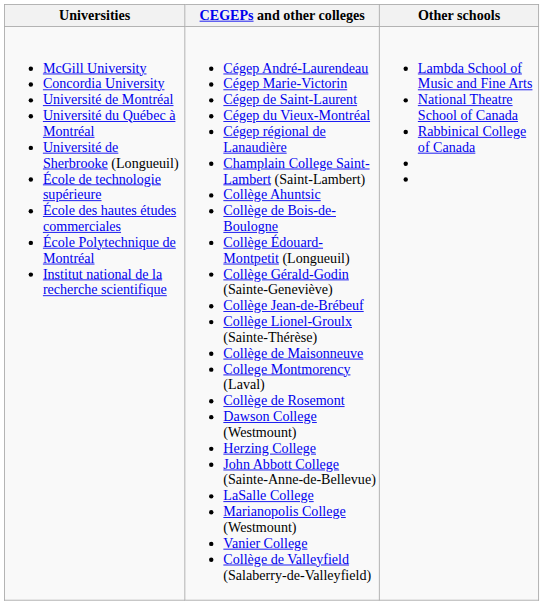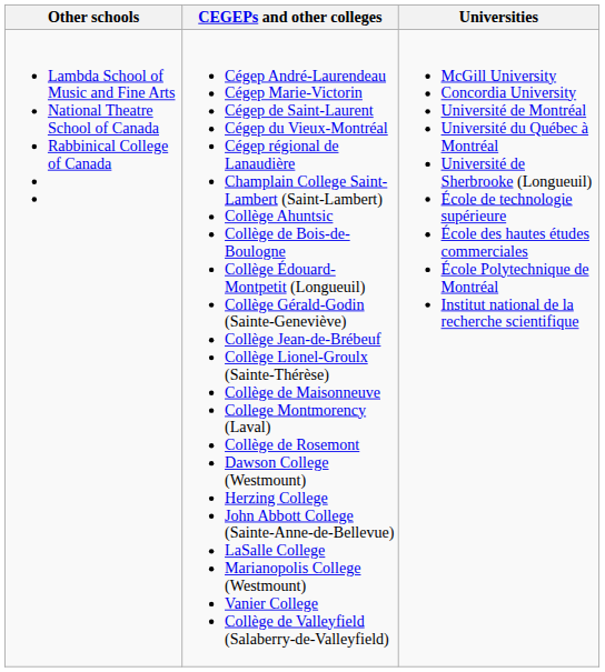 <table class="wikitable">
 <tr>
+<th>Other schools</th>
+<th><a href='#'>CEGEPs</a> and other colleges</th>
 <th>Universities</th>
-<th><a href='#'>CEGEPs</a> and other colleges</th>
-<th>Other schools</th>
 </tr>
 <tr valign = "top">
+<td><br><ul><li><a href='#'>Lambda School of Music and Fine Arts</a></li><li><a href='#'>National Theatre School of Canada</a></li><li><a href='#'>Rabbinical College of Canada</a></li><li></li><li></li></ul></td>
+<td><br><ul><li><a href='#'>Cégep André-Laurendeau</a></li><li><a href='#'>Cégep Marie-Victorin</a></li><li><a href='#'>Cégep de Saint-Laurent</a></li><li><a href='#'>Cégep du Vieux-Montréal</a></li><li><a href='#'>Cégep régional de Lanaudière</a></li><li><a href='#'>Champlain College Saint-Lambert</a> (Saint-Lambert)</li><li><a href='#'>Collège Ahuntsic</a></li><li><a href='#'>Collège de Bois-de-Boulogne</a></li><li><a href='#'>Collège Édouard-Montpetit</a> (Longueuil)</li><li><a href='#'>Collège Gérald-Godin</a> (Sainte-Geneviève)</li><li><a href='#'>Collège Jean-de-Brébeuf</a></li><li><a href='#'>Collège Lionel-Groulx</a> (Sainte-Thérèse)</li><li><a href='#'>Collège de Maisonneuve</a></li><li><a href='#'>College Montmorency</a> (Laval)</li><li><a href='#'>Collège de Rosemont</a></li><li><a href='#'>Dawson College</a> (Westmount)</li><li><a href='#'>Herzing College</a></li><li><a href='#'>John Abbott College</a> (Sainte-Anne-de-Bellevue)</li><li><a href='#'>LaSalle College</a></li><li><a href='#'>Marianopolis College</a> (Westmount)</li><li><a href='#'>Vanier College</a></li><li><a href='#'>Collège de Valleyfield</a> (Salaberry-de-Valleyfield)</li></ul></td>
 <td><br><ul><li><a href='#'>McGill University</a></li><li><a href='#'>Concordia University</a></li><li><a href='#'>Université de Montréal</a></li><li><a href='#'>Université du Québec à Montréal</a></li><li><a href='#'>Université de Sherbrooke</a> (Longueuil)</li><li><a href='#'>École de technologie supérieure</a></li><li><a href='#'>École des hautes études commerciales</a></li><li><a href='#'>École Polytechnique de Montréal</a></li><li><a href='#'>Institut national de la recherche scientifique</a></li></ul></td>
-<td><br><ul><li><a href='#'>Cégep André-Laurendeau</a></li><li><a href='#'>Cégep Marie-Victorin</a></li><li><a href='#'>Cégep de Saint-Laurent</a></li><li><a href='#'>Cégep du Vieux-Montréal</a></li><li><a href='#'>Cégep régional de Lanaudière</a></li><li><a href='#'>Champlain College Saint-Lambert</a> (Saint-Lambert)</li><li><a href='#'>Collège Ahuntsic</a></li><li><a href='#'>Collège de Bois-de-Boulogne</a></li><li><a href='#'>Collège Édouard-Montpetit</a> (Longueuil)</li><li><a href='#'>Collège Gérald-Godin</a> (Sainte-Geneviève)</li><li><a href='#'>Collège Jean-de-Brébeuf</a></li><li><a href='#'>Collège Lionel-Groulx</a> (Sainte-Thérèse)</li><li><a href='#'>Collège de Maisonneuve</a></li><li><a href='#'>College Montmorency</a> (Laval)</li><li><a href='#'>Collège de Rosemont</a></li><li><a href='#'>Dawson College</a> (Westmount)</li><li><a href='#'>Herzing College</a></li><li><a href='#'>John Abbott College</a> (Sainte-Anne-de-Bellevue)</li><li><a href='#'>LaSalle College</a></li><li><a href='#'>Marianopolis College</a> (Westmount)</li><li><a href='#'>Vanier College</a></li><li><a href='#'>Collège de Valleyfield</a> (Salaberry-de-Valleyfield)</li></ul></td>
-<td><br><ul><li><a href='#'>Lambda School of Music and Fine Arts</a></li><li><a href='#'>National Theatre School of Canada</a></li><li><a href='#'>Rabbinical College of Canada</a></li><li></li><li></li></ul></td>
 </tr>
 </table>
